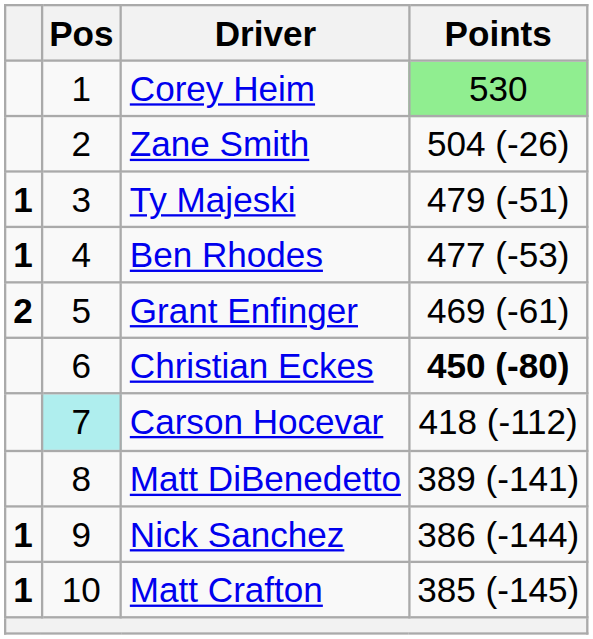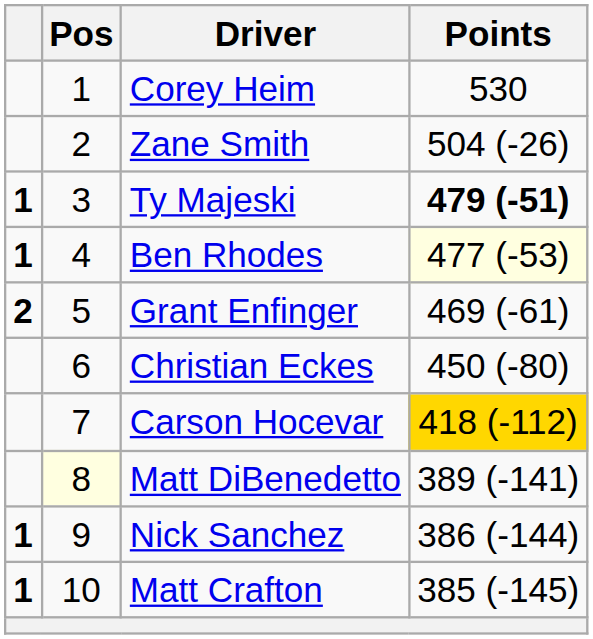 <table class="wikitable" style="font-size: 95%;">
 <tr>
 <th></th>
 <th>Pos</th>
 <th>Driver</th>
 <th>Points</th>
 </tr>
 <tr>
 <td align="left"></td>
 <td style="text-align:center;">1</td>
 <td><a href='#'>Corey Heim</a></td>
-<td style="background: lightgreen; text-align:center;">530</td>
+<td style="text-align:center;">530</td>
 </tr>
 <tr>
 <td align="left"></td>
 <td style="text-align:center;">2</td>
 <td><a href='#'>Zane Smith</a></td>
 <td style="text-align:center;">504 (-26)</td>
 </tr>
 <tr>
 <td align="left"> <strong>1</strong></td>
 <td style="text-align:center;">3</td>
 <td><a href='#'>Ty Majeski</a></td>
-<td style="text-align:center;">479 (-51)</td>
+<td style="text-align:center;"><strong>479 (-51)</strong></td>
 </tr>
 <tr>
 <td align="left"> <strong>1</strong></td>
 <td style="text-align:center;">4</td>
 <td><a href='#'>Ben Rhodes</a></td>
-<td style="text-align:center;">477 (-53)</td>
+<td style="background: lightyellow; text-align:center;">477 (-53)</td>
 </tr>
 <tr>
 <td align="left"> <strong>2</strong></td>
 <td style="text-align:center;">5</td>
 <td><a href='#'>Grant Enfinger</a></td>
 <td style="text-align:center;">469 (-61)</td>
 </tr>
 <tr>
 <td align="left"></td>
 <td style="text-align:center;">6</td>
 <td><a href='#'>Christian Eckes</a></td>
-<td style="text-align:center;"><strong>450 (-80)</strong></td>
+<td style="text-align:center;">450 (-80)</td>
 </tr>
 <tr>
 <td align="left"></td>
-<td style="background: paleturquoise; text-align:center;">7</td>
+<td style="text-align:center;">7</td>
 <td><a href='#'>Carson Hocevar</a></td>
-<td style="text-align:center;">418 (-112)</td>
+<td style="background: gold; text-align:center;">418 (-112)</td>
 </tr>
 <tr>
 <td align="left"></td>
-<td style="text-align:center;">8</td>
+<td style="background: lightyellow; text-align:center;">8</td>
 <td><a href='#'>Matt DiBenedetto</a></td>
 <td style="text-align:center;">389 (-141)</td>
 </tr>
 <tr>
 <td align="left"> <strong>1</strong></td>
 <td style="text-align:center;">9</td>
 <td><a href='#'>Nick Sanchez</a></td>
 <td style="text-align:center;">386 (-144)</td>
 </tr>
 <tr>
 <td align="left"> <strong>1</strong></td>
 <td style="text-align:center;">10</td>
 <td><a href='#'>Matt Crafton</a></td>
 <td style="text-align:center;">385 (-145)</td>
 </tr>
 <tr class="sortbottom">
 <th colspan="9"></th>
 </tr>
 </table>
